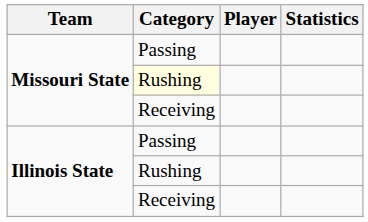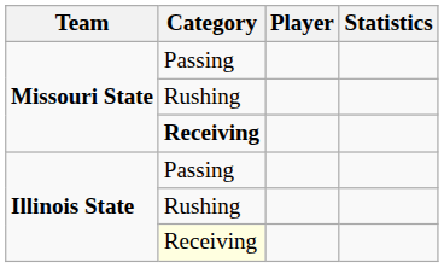 <table class="wikitable" style="float: right;">
 <tr>
 <th>Team</th>
 <th>Category</th>
 <th>Player</th>
 <th>Statistics</th>
 </tr>
 <tr>
 <td rowspan=3><strong>Missouri State</strong></td>
 <td>Passing</td>
 <td></td>
 <td></td>
 </tr>
 <tr>
-<td style="background: lightyellow;">Rushing</td>
+<td>Rushing</td>
 <td></td>
 <td></td>
 </tr>
 <tr>
-<td>Receiving</td>
+<td><strong>Receiving</strong></td>
 <td></td>
 <td></td>
 </tr>
 <tr>
 <td rowspan=3><strong>Illinois State</strong></td>
 <td>Passing</td>
 <td></td>
 <td></td>
 </tr>
 <tr>
 <td>Rushing</td>
 <td></td>
 <td></td>
 </tr>
 <tr>
-<td>Receiving</td>
+<td style="background: lightyellow;">Receiving</td>
 <td></td>
 <td></td>
 </tr>
 </table>
